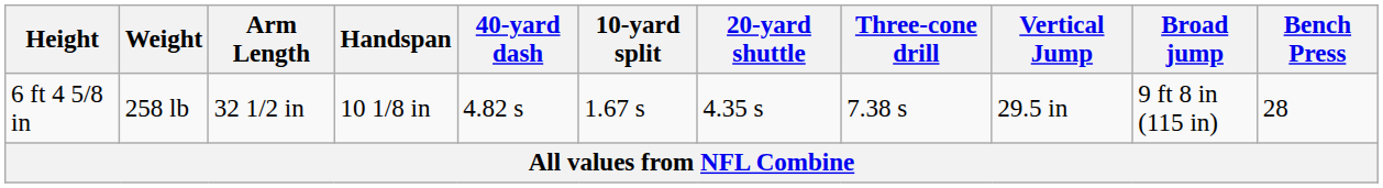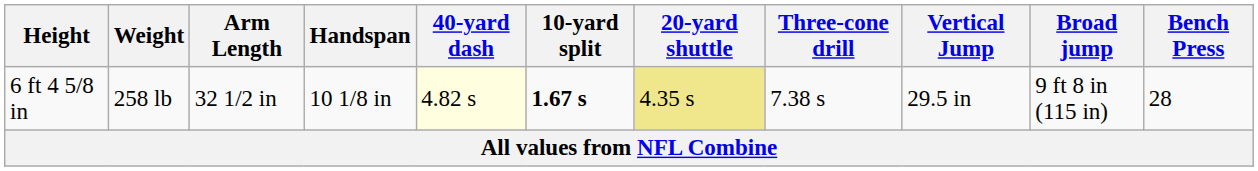 <table class="wikitable">
 <tr>
 <th>Height</th>
 <th>Weight</th>
 <th>Arm Length</th>
 <th>Handspan</th>
 <th><a href='#'>40-yard dash</a></th>
 <th>10-yard split</th>
 <th><a href='#'>20-yard shuttle</a></th>
 <th><a href='#'>Three-cone drill</a></th>
 <th><a href='#'>Vertical Jump</a></th>
 <th><a href='#'>Broad jump</a></th>
 <th><a href='#'>Bench Press</a></th>
 </tr>
 <tr>
 <td>6 ft 4 5/8 in</td>
 <td>258 lb</td>
 <td>32 1/2 in</td>
 <td>10 1/8 in</td>
-<td>4.82 s</td>
-<td>1.67 s</td>
-<td>4.35 s</td>
+<td style="background: lightyellow;">4.82 s</td>
+<td><strong>1.67 s</strong></td>
+<td style="background: khaki;">4.35 s</td>
 <td>7.38 s</td>
 <td>29.5 in</td>
 <td>9 ft 8 in<br>(115 in)</td>
 <td>28</td>
 </tr>
 <tr>
 <th colspan="11">All values from <a href='#'>NFL Combine</a></th>
 </tr>
 </table>
